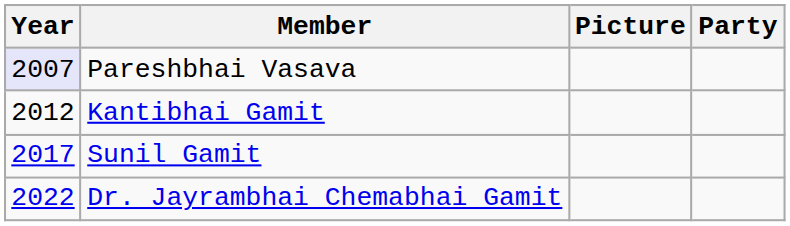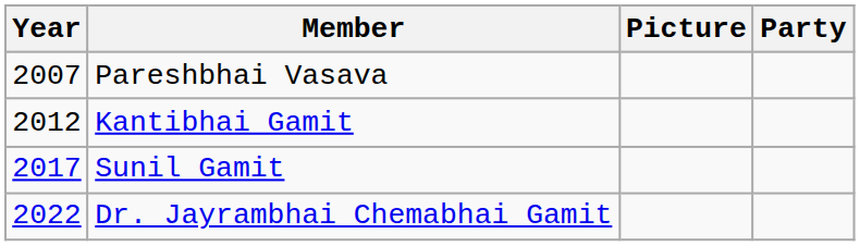 <table class="wikitable sortable">
 <tr>
 <th>Year</th>
 <th>Member</th>
 <th>Picture</th>
 <th colspan="2">Party</th>
 </tr>
 <tr>
-<td style="background: lavender;">2007</td>
+<td>2007</td>
 <td>Pareshbhai Vasava</td>
 <td></td>
 <td></td>
 </tr>
 <tr>
 <td>2012</td>
 <td><a href='#'>Kantibhai Gamit</a></td>
 <td></td>
 <td></td>
 </tr>
 <tr>
 <td><a href='#'>2017</a></td>
 <td><a href='#'>Sunil Gamit</a></td>
 <td></td>
 <td></td>
 </tr>
 <tr>
 <td><a href='#'>2022</a></td>
 <td><a href='#'>Dr. Jayrambhai Chemabhai Gamit</a></td>
 <td></td>
 <td></td>
 </tr>
 </table>
